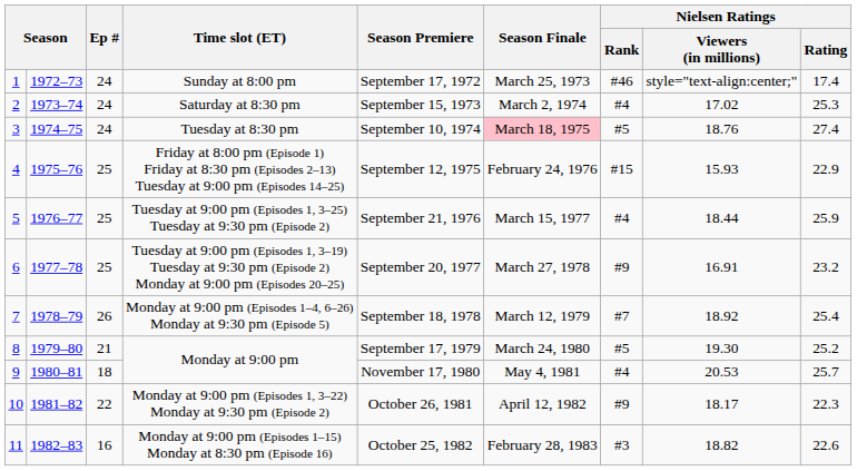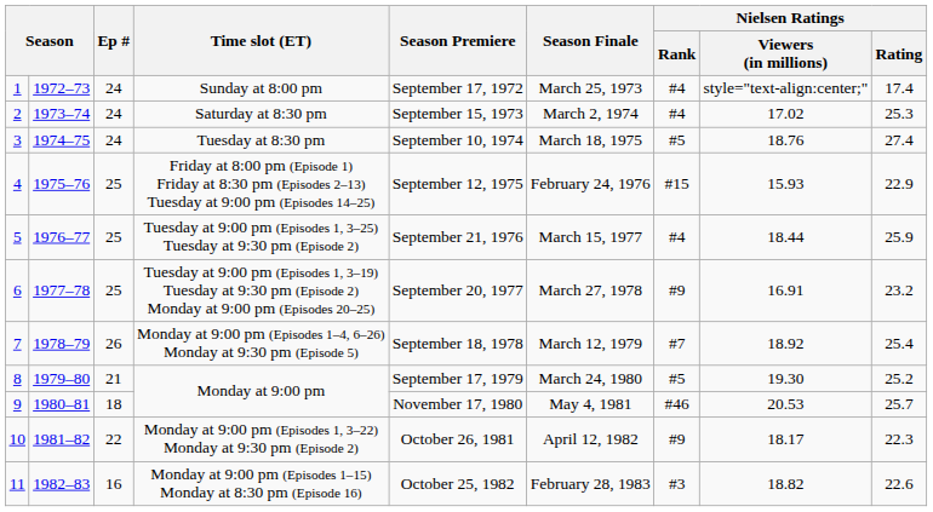 <table class="wikitable" style="text-align:center">
 <tr>
 <th rowspan="2" colspan="2">Season</th>
 <th rowspan="2">Ep #</th>
 <th rowspan="2">Time slot (ET)</th>
 <th rowspan="2">Season Premiere</th>
 <th rowspan="2">Season Finale</th>
 <th colspan="3">Nielsen Ratings</th>
 </tr>
 <tr>
 <th>Rank</th>
 <th>Viewers<br>(in millions)</th>
 <th>Rating</th>
 </tr>
 <tr>
 <td style="text-align:centre;"><a href='#'>1</a></td>
 <td style="text-align:centre;"><a href='#'>1972–73</a></td>
 <td style="text-align:center;">24</td>
 <td style="text-align:center;">Sunday at 8:00 pm</td>
 <td style="text-align:center;">September 17, 1972</td>
 <td style="text-align:center;">March 25, 1973</td>
-<td style="text-align:center;">#46</td>
+<td style="text-align:center;">#4</td>
 <td>style="text-align:center;" </td>
 <td style="text-align:center;">17.4</td>
 </tr>
 <tr>
 <td style="text-align:centre;"><a href='#'>2</a></td>
 <td style="text-align:centre;"><a href='#'>1973–74</a></td>
 <td style="text-align:center;">24</td>
 <td style="text-align:centre;">Saturday at 8:30 pm</td>
 <td style="text-align:center;">September 15, 1973</td>
 <td style="text-align:center;">March 2, 1974</td>
 <td style="text-align:center;">#4</td>
 <td style="text-align:center;">17.02</td>
 <td style="text-align:center;">25.3</td>
 </tr>
 <tr>
 <td style="text-align:centre;"><a href='#'>3</a></td>
 <td style="text-align:centre;"><a href='#'>1974–75</a></td>
 <td style="text-align:center;">24</td>
 <td style="text-align:centre;">Tuesday at 8:30 pm</td>
 <td style="text-align:center;">September 10, 1974</td>
-<td style="background: pink; text-align:center;">March 18, 1975</td>
+<td style="text-align:center;">March 18, 1975</td>
 <td style="text-align:center;">#5</td>
 <td style="text-align:center;">18.76</td>
 <td style="text-align:center;">27.4</td>
 </tr>
 <tr>
 <td style="text-align:centre;"><a href='#'>4</a></td>
 <td style="text-align:centre;"><a href='#'>1975–76</a></td>
 <td style="text-align:center;">25</td>
 <td style="text-align:centre;">Friday at 8:00 pm <small>(Episode 1)</small><br>Friday at 8:30 pm <small>(Episodes 2–13)</small><br>Tuesday at 9:00 pm <small>(Episodes 14–25)</small></td>
 <td style="text-align:center;">September 12, 1975</td>
 <td style="text-align:center;">February 24, 1976</td>
 <td style="text-align:center;">#15</td>
 <td style="text-align:center;">15.93</td>
 <td style="text-align:center;">22.9</td>
 </tr>
 <tr>
 <td style="text-align:centre;"><a href='#'>5</a></td>
 <td style="text-align:centre;"><a href='#'>1976–77</a></td>
 <td style="text-align:center;">25</td>
 <td style="text-align:centre;">Tuesday at 9:00 pm <small>(Episodes 1, 3–25)</small><br>Tuesday at 9:30 pm <small>(Episode 2)</small></td>
 <td style="text-align:center;">September 21, 1976</td>
 <td style="text-align:center;">March 15, 1977</td>
 <td style="text-align:center;">#4</td>
 <td style="text-align:center;">18.44</td>
 <td style="text-align:center;">25.9</td>
 </tr>
 <tr>
 <td style="text-align:centre;"><a href='#'>6</a></td>
 <td style="text-align:centre;"><a href='#'>1977–78</a></td>
 <td style="text-align:center;">25</td>
 <td style="text-align:centre;">Tuesday at 9:00 pm <small>(Episodes 1, 3–19)</small><br>Tuesday at 9:30 pm <small>(Episode 2)</small><br>Monday at 9:00 pm <small>(Episodes 20–25)</small></td>
 <td style="text-align:center;">September 20, 1977</td>
 <td style="text-align:center;">March 27, 1978</td>
 <td style="text-align:center;">#9</td>
 <td style="text-align:center;">16.91</td>
 <td style="text-align:center;">23.2</td>
 </tr>
 <tr>
 <td style="text-align:centre;"><a href='#'>7</a></td>
 <td style="text-align:centre;"><a href='#'>1978–79</a></td>
 <td style="text-align:center;">26</td>
 <td style="text-align:centre;">Monday at 9:00 pm <small>(Episodes 1–4, 6–26)</small><br>Monday at 9:30 pm <small>(Episode 5)</small></td>
 <td style="text-align:center;">September 18, 1978</td>
 <td style="text-align:center;">March 12, 1979</td>
 <td style="text-align:center;">#7</td>
 <td style="text-align:center;">18.92</td>
 <td style="text-align:center;">25.4</td>
 </tr>
 <tr>
 <td style="text-align:centre;"><a href='#'>8</a></td>
 <td style="text-align:centre;"><a href='#'>1979–80</a></td>
 <td style="text-align:center;">21</td>
 <td style="text-align:centre;" rowspan="2">Monday at 9:00 pm</td>
 <td style="text-align:center;">September 17, 1979</td>
 <td style="text-align:center;">March 24, 1980</td>
 <td style="text-align:center;">#5</td>
 <td style="text-align:center;">19.30</td>
 <td style="text-align:center;">25.2</td>
 </tr>
 <tr>
 <td style="text-align:centre;"><a href='#'>9</a></td>
 <td style="text-align:centre;"><a href='#'>1980–81</a></td>
 <td style="text-align:center;">18</td>
 <td style="text-align:center;">November 17, 1980</td>
 <td style="text-align:center;">May 4, 1981</td>
-<td style="text-align:center;">#4</td>
+<td style="text-align:center;">#46</td>
 <td style="text-align:center;">20.53</td>
 <td style="text-align:center;">25.7</td>
 </tr>
 <tr>
 <td style="text-align:centre;"><a href='#'>10</a></td>
 <td style="text-align:centre;"><a href='#'>1981–82</a></td>
 <td style="text-align:center;">22</td>
 <td style="text-align:centre;">Monday at 9:00 pm <small>(Episodes 1, 3–22)</small><br>Monday at 9:30 pm <small>(Episode 2)</small></td>
 <td style="text-align:center;">October 26, 1981</td>
 <td style="text-align:center;">April 12, 1982</td>
 <td style="text-align:center;">#9</td>
 <td style="text-align:center;">18.17</td>
 <td style="text-align:center;">22.3</td>
 </tr>
 <tr>
 <td style="text-align:centre;"><a href='#'>11</a></td>
 <td style="text-align:centre;"><a href='#'>1982–83</a></td>
 <td style="text-align:center;">16</td>
 <td style="text-align:centre;">Monday at 9:00 pm <small>(Episodes 1–15)</small><br>Monday at 8:30 pm <small>(Episode 16)</small></td>
 <td style="text-align:center;">October 25, 1982</td>
 <td style="text-align:center;">February 28, 1983</td>
 <td style="text-align:center;">#3</td>
 <td style="text-align:center;">18.82</td>
 <td style="text-align:center;">22.6</td>
 </tr>
 </table>
